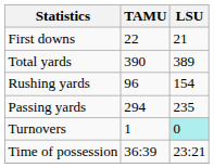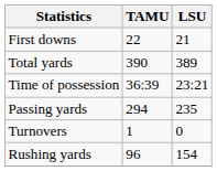 <table class="wikitable" style="float: left;">
 <tr>
 <th>Statistics</th>
 <th>TAMU</th>
 <th>LSU</th>
 </tr>
 <tr>
 <td>First downs</td>
 <td>22</td>
 <td>21</td>
 </tr>
 <tr>
 <td>Total yards</td>
 <td>390</td>
 <td>389</td>
 </tr>
 <tr>
-<td>Rushing yards</td>
-<td>96</td>
-<td>154</td>
+<td>Time of possession</td>
+<td>36:39</td>
+<td>23:21</td>
 </tr>
 <tr>
 <td>Passing yards</td>
 <td>294</td>
 <td>235</td>
 </tr>
 <tr>
 <td>Turnovers</td>
 <td>1</td>
-<td style="background: paleturquoise;">0</td>
+<td>0</td>
 </tr>
 <tr>
-<td>Time of possession</td>
-<td>36:39</td>
-<td>23:21</td>
+<td>Rushing yards</td>
+<td>96</td>
+<td>154</td>
 </tr>
 <tr>
 </tr>
 </table>
